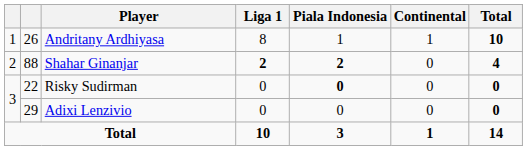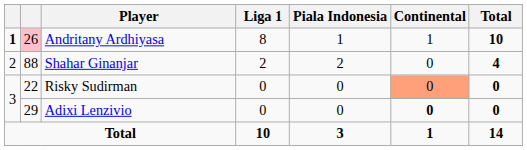 <table class="wikitable sortable" style="font-size: 95%; text-align: center;">
 <tr>
 <th width=10></th>
 <th width=10></th>
 <th width=200>Player</th>
 <th width=50>Liga 1</th>
 <th>Piala Indonesia</th>
 <th>Continental</th>
 <th width=50>Total</th>
 </tr>
 <tr>
-<td>1</td>
-<td>26</td>
+<td><strong>1</strong></td>
+<td style="background: pink;">26</td>
 <td align=left> <a href='#'>Andritany Ardhiyasa</a></td>
 <td>8</td>
 <td>1</td>
 <td>1</td>
 <td><strong>10</strong></td>
 </tr>
 <tr>
 <td>2</td>
 <td>88</td>
 <td align=left> <a href='#'>Shahar Ginanjar</a></td>
-<td><strong>2</strong></td>
-<td><strong>2</strong></td>
+<td>2</td>
+<td>2</td>
 <td>0</td>
 <td><strong>4</strong></td>
 </tr>
 <tr>
 <td rowspan=2>3</td>
 <td>22</td>
 <td align=left> Risky Sudirman</td>
 <td>0</td>
-<td><strong>0</strong></td>
 <td>0</td>
+<td style="background: lightsalmon;">0</td>
 <td><strong>0</strong></td>
 </tr>
 <tr>
 <td>29</td>
 <td align=left> <a href='#'>Adixi Lenzivio</a></td>
 <td>0</td>
 <td>0</td>
-<td>0</td>
+<td><strong>0</strong></td>
 <td><strong>0</strong></td>
 </tr>
 <tr class="sortbottom">
 <td colspan=3><strong>Total</strong></td>
 <td><strong>10</strong></td>
 <td><strong>3</strong></td>
 <td><strong>1</strong></td>
 <td><strong>14</strong></td>
 </tr>
 </table>
